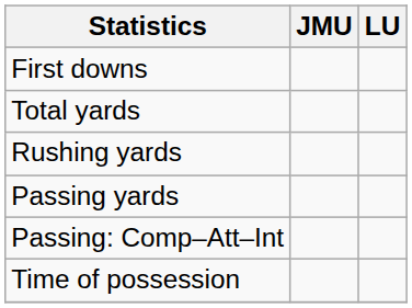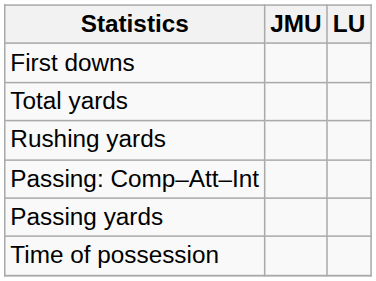 <table class="wikitable" style="float: left;">
 <tr>
 <th>Statistics</th>
 <th>JMU</th>
 <th>LU</th>
 </tr>
 <tr>
 <td>First downs</td>
 <td></td>
 <td></td>
 </tr>
 <tr>
 <td>Total yards</td>
 <td></td>
 <td></td>
 </tr>
 <tr>
 <td>Rushing yards</td>
 <td></td>
 <td></td>
 </tr>
 <tr>
-<td>Passing yards</td>
+<td>Passing: Comp–Att–Int</td>
 <td></td>
 <td></td>
 </tr>
 <tr>
-<td>Passing: Comp–Att–Int</td>
+<td>Passing yards</td>
 <td></td>
 <td></td>
 </tr>
 <tr>
 <td>Time of possession</td>
 <td></td>
 <td></td>
 </tr>
 <tr>
 </tr>
 </table>
